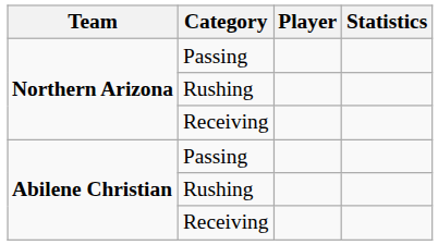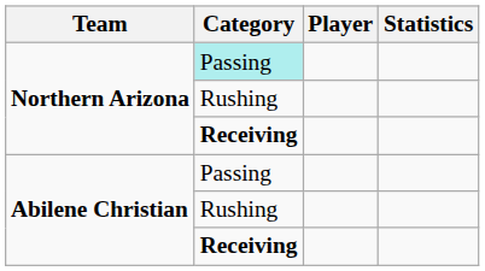 <table class="wikitable" style="float: right;">
 <tr>
 <th>Team</th>
 <th>Category</th>
 <th>Player</th>
 <th>Statistics</th>
 </tr>
 <tr>
 <td rowspan=3><strong>Northern Arizona</strong></td>
-<td>Passing</td>
+<td style="background: paleturquoise;">Passing</td>
 <td></td>
 <td></td>
 </tr>
 <tr>
 <td>Rushing</td>
 <td></td>
 <td></td>
 </tr>
 <tr>
-<td>Receiving</td>
+<td><strong>Receiving</strong></td>
 <td></td>
 <td></td>
 </tr>
 <tr>
 <td rowspan=3><strong>Abilene Christian</strong></td>
 <td>Passing</td>
 <td></td>
 <td></td>
 </tr>
 <tr>
 <td>Rushing</td>
 <td></td>
 <td></td>
 </tr>
 <tr>
-<td>Receiving</td>
+<td><strong>Receiving</strong></td>
 <td></td>
 <td></td>
 </tr>
 </table>
